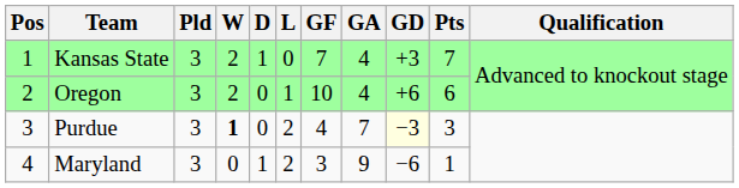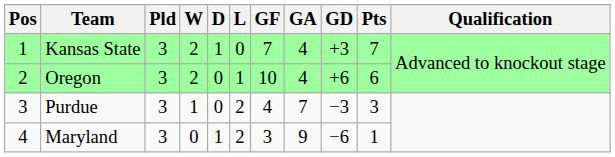 <table class="wikitable" style="text-align:center">
 <tr>
 <th>Pos</th>
 <th>Team</th>
 <th>Pld</th>
 <th>W</th>
 <th>D</th>
 <th>L</th>
 <th>GF</th>
 <th>GA</th>
 <th>GD</th>
 <th>Pts</th>
 <th>Qualification</th>
 </tr>
 <tr bgcolor="#9eff9e">
 <td>1</td>
 <td style="text-align:left">Kansas State</td>
 <td>3</td>
 <td>2</td>
 <td>1</td>
 <td>0</td>
 <td>7</td>
 <td>4</td>
 <td>+3</td>
 <td>7</td>
 <td rowspan="2">Advanced to knockout stage</td>
 </tr>
 <tr bgcolor="#9eff9e">
 <td>2</td>
 <td style="text-align:left">Oregon</td>
 <td>3</td>
 <td>2</td>
 <td>0</td>
 <td>1</td>
 <td>10</td>
 <td>4</td>
 <td>+6</td>
 <td>6</td>
 </tr>
 <tr>
 <td>3</td>
 <td style="text-align:left">Purdue</td>
 <td>3</td>
-<td><strong>1</strong></td>
+<td>1</td>
 <td>0</td>
 <td>2</td>
 <td>4</td>
 <td>7</td>
-<td style="background: lightyellow;">−3</td>
+<td>−3</td>
 <td>3</td>
 <td rowspan="2"></td>
 </tr>
 <tr>
 <td>4</td>
 <td style="text-align:left">Maryland</td>
 <td>3</td>
 <td>0</td>
 <td>1</td>
 <td>2</td>
 <td>3</td>
 <td>9</td>
 <td>−6</td>
 <td>1</td>
 </tr>
 </table>
